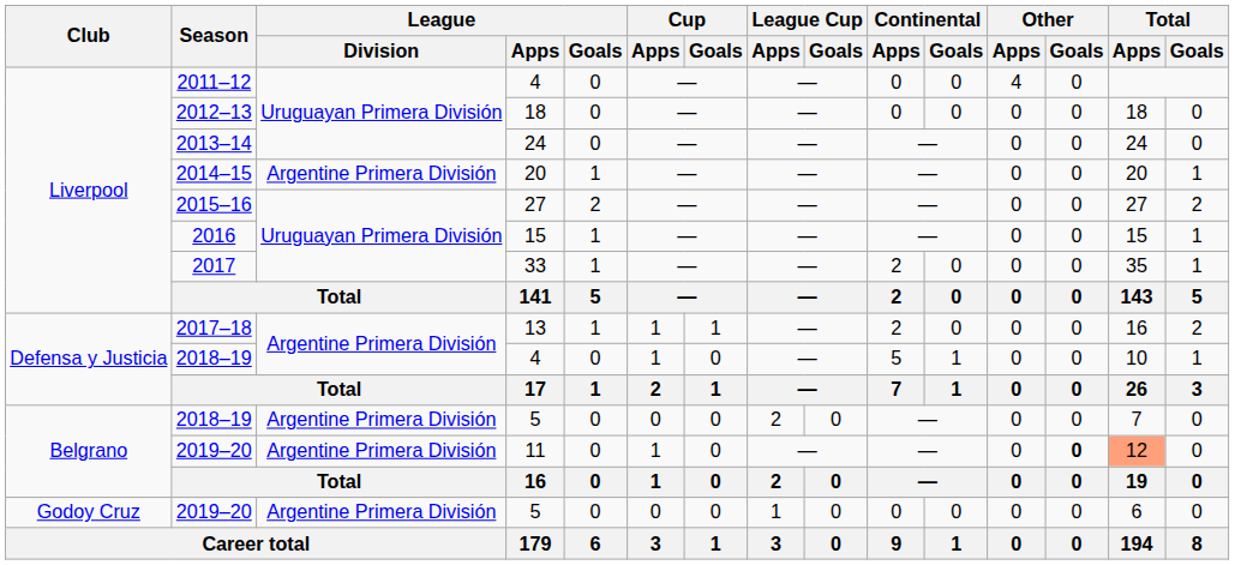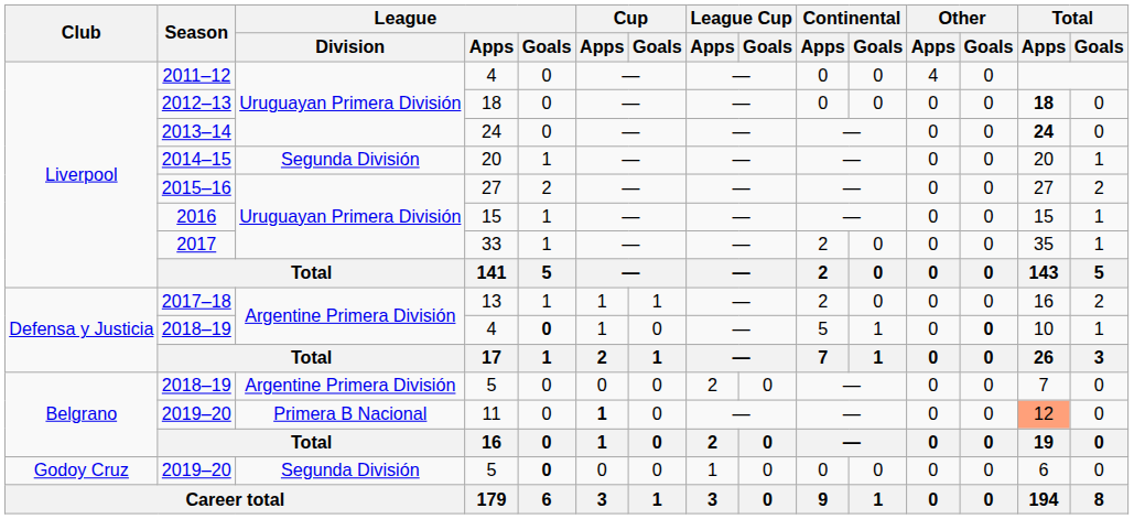 <table class="wikitable" style="text-align:center">
 <tr>
 <th rowspan="2">Club</th>
 <th rowspan="2">Season</th>
 <th colspan="3">League</th>
 <th colspan="2">Cup</th>
 <th colspan="2">League Cup</th>
 <th colspan="2">Continental</th>
 <th colspan="2">Other</th>
 <th colspan="2">Total</th>
 </tr>
 <tr>
 <th>Division</th>
 <th>Apps</th>
 <th>Goals</th>
 <th>Apps</th>
 <th>Goals</th>
 <th>Apps</th>
 <th>Goals</th>
 <th>Apps</th>
 <th>Goals</th>
 <th>Apps</th>
 <th>Goals</th>
 <th>Apps</th>
 <th>Goals</th>
 </tr>
 <tr>
 <td rowspan="8"><a href='#'>Liverpool</a></td>
 <td><a href='#'>2011–12</a></td>
 <td rowspan="3"><a href='#'>Uruguayan Primera División</a></td>
 <td>4</td>
 <td>0</td>
 <td colspan="2">—</td>
 <td colspan="2">—</td>
 <td>0</td>
 <td>0</td>
 <td>4</td>
 <td>0</td>
 </tr>
 <tr>
 <td><a href='#'>2012–13</a></td>
 <td>18</td>
 <td>0</td>
 <td colspan="2">—</td>
 <td colspan="2">—</td>
 <td>0</td>
 <td>0</td>
 <td>0</td>
 <td>0</td>
-<td>18</td>
+<td><strong>18</strong></td>
 <td>0</td>
 </tr>
 <tr>
 <td><a href='#'>2013–14</a></td>
 <td>24</td>
 <td>0</td>
 <td colspan="2">—</td>
 <td colspan="2">—</td>
 <td colspan="2">—</td>
 <td>0</td>
 <td>0</td>
-<td>24</td>
+<td><strong>24</strong></td>
 <td>0</td>
 </tr>
 <tr>
 <td><a href='#'>2014–15</a></td>
-<td rowspan="1"><a href='#'>Argentine Primera División</a></td>
+<td rowspan="1"><a href='#'>Segunda División</a></td>
 <td>20</td>
 <td>1</td>
 <td colspan="2">—</td>
 <td colspan="2">—</td>
 <td colspan="2">—</td>
 <td>0</td>
 <td>0</td>
 <td>20</td>
 <td>1</td>
 </tr>
 <tr>
 <td><a href='#'>2015–16</a></td>
 <td rowspan="3"><a href='#'>Uruguayan Primera División</a></td>
 <td>27</td>
 <td>2</td>
 <td colspan="2">—</td>
 <td colspan="2">—</td>
 <td colspan="2">—</td>
 <td>0</td>
 <td>0</td>
 <td>27</td>
 <td>2</td>
 </tr>
 <tr>
 <td><a href='#'>2016</a></td>
 <td>15</td>
 <td>1</td>
 <td colspan="2">—</td>
 <td colspan="2">—</td>
 <td colspan="2">—</td>
 <td>0</td>
 <td>0</td>
 <td>15</td>
 <td>1</td>
 </tr>
 <tr>
 <td><a href='#'>2017</a></td>
 <td>33</td>
 <td>1</td>
 <td colspan="2">—</td>
 <td colspan="2">—</td>
 <td>2</td>
 <td>0</td>
 <td>0</td>
 <td>0</td>
 <td>35</td>
 <td>1</td>
 </tr>
 <tr>
 <th colspan="2">Total</th>
 <th>141</th>
 <th>5</th>
 <th colspan="2">—</th>
 <th colspan="2">—</th>
 <th>2</th>
 <th>0</th>
 <th>0</th>
 <th>0</th>
 <th>143</th>
 <th>5</th>
 </tr>
 <tr>
 <td rowspan="3"><a href='#'>Defensa y Justicia</a></td>
 <td><a href='#'>2017–18</a></td>
 <td rowspan="2"><a href='#'>Argentine Primera División</a></td>
 <td>13</td>
 <td>1</td>
 <td>1</td>
 <td>1</td>
 <td colspan="2">—</td>
 <td>2</td>
 <td>0</td>
 <td>0</td>
 <td>0</td>
 <td>16</td>
 <td>2</td>
 </tr>
 <tr>
 <td><a href='#'>2018–19</a></td>
 <td>4</td>
-<td>0</td>
+<td><strong>0</strong></td>
 <td>1</td>
 <td>0</td>
 <td colspan="2">—</td>
 <td>5</td>
 <td>1</td>
 <td>0</td>
-<td>0</td>
+<td><strong>0</strong></td>
 <td>10</td>
 <td>1</td>
 </tr>
 <tr>
 <th colspan="2">Total</th>
 <th>17</th>
 <th>1</th>
 <th>2</th>
 <th>1</th>
 <th colspan="2">—</th>
 <th>7</th>
 <th>1</th>
 <th>0</th>
 <th>0</th>
 <th>26</th>
 <th>3</th>
 </tr>
 <tr>
 <td rowspan="3"><a href='#'>Belgrano</a></td>
 <td><a href='#'>2018–19</a></td>
 <td rowspan="1"><a href='#'>Argentine Primera División</a></td>
 <td>5</td>
 <td>0</td>
 <td>0</td>
 <td>0</td>
 <td>2</td>
 <td>0</td>
 <td colspan="2">—</td>
 <td>0</td>
 <td>0</td>
 <td>7</td>
 <td>0</td>
 </tr>
 <tr>
 <td><a href='#'>2019–20</a></td>
-<td rowspan="1"><a href='#'>Argentine Primera División</a></td>
+<td rowspan="1"><a href='#'>Primera B Nacional</a></td>
 <td>11</td>
 <td>0</td>
-<td>1</td>
+<td><strong>1</strong></td>
 <td>0</td>
 <td colspan="2">—</td>
 <td colspan="2">—</td>
 <td>0</td>
-<td><strong>0</strong></td>
+<td>0</td>
 <td style="background: lightsalmon;">12</td>
 <td>0</td>
 </tr>
 <tr>
 <th colspan="2">Total</th>
 <th>16</th>
 <th>0</th>
 <th>1</th>
 <th>0</th>
 <th>2</th>
 <th>0</th>
 <th colspan="2">—</th>
 <th>0</th>
 <th>0</th>
 <th>19</th>
 <th>0</th>
 </tr>
 <tr>
 <td rowspan="1"><a href='#'>Godoy Cruz</a></td>
 <td><a href='#'>2019–20</a></td>
-<td rowspan="1"><a href='#'>Argentine Primera División</a></td>
+<td rowspan="1"><a href='#'>Segunda División</a></td>
 <td>5</td>
-<td>0</td>
+<td><strong>0</strong></td>
 <td>0</td>
 <td>0</td>
 <td>1</td>
 <td>0</td>
 <td>0</td>
 <td>0</td>
 <td>0</td>
 <td>0</td>
 <td>6</td>
 <td>0</td>
 </tr>
 <tr>
 <th colspan="3">Career total</th>
 <th>179</th>
 <th>6</th>
 <th>3</th>
 <th>1</th>
 <th>3</th>
 <th>0</th>
 <th>9</th>
 <th>1</th>
 <th>0</th>
 <th>0</th>
 <th>194</th>
 <th>8</th>
 </tr>
 </table>
